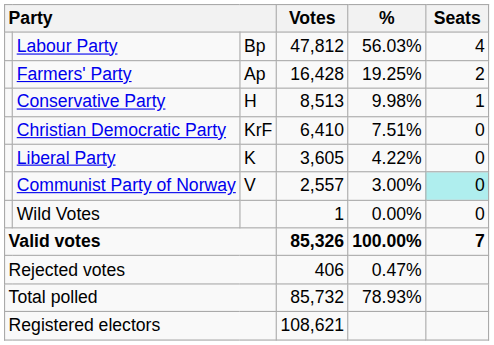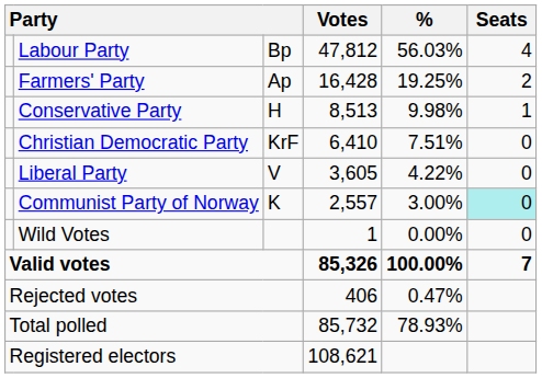 <table class="wikitable" border="1" style="text-align:right;">
 <tr>
 <th style="text-align:left;" colspan=3>Party</th>
 <th align=center width="50">Votes</th>
 <th align=center width="50">%</th>
 <th align=center width="50">Seats</th>
 </tr>
 <tr>
 <td style="color:inherit;background:"></td>
 <td align=left><a href='#'>Labour Party</a></td>
 <td align=left>Bp</td>
 <td>47,812</td>
 <td>56.03%</td>
 <td>4</td>
 </tr>
 <tr>
 <td style="color:inherit;background:"></td>
 <td align=left><a href='#'>Farmers' Party</a></td>
 <td align=left>Ap</td>
 <td>16,428</td>
 <td>19.25%</td>
 <td>2</td>
 </tr>
 <tr>
 <td style="color:inherit;background:"></td>
 <td align=left><a href='#'>Conservative Party</a></td>
 <td align=left>H</td>
 <td>8,513</td>
 <td>9.98%</td>
 <td>1</td>
 </tr>
 <tr>
 <td style="color:inherit;background:"></td>
 <td align=left><a href='#'>Christian Democratic Party</a></td>
 <td align=left>KrF</td>
 <td>6,410</td>
 <td>7.51%</td>
 <td>0</td>
 </tr>
 <tr>
 <td style="color:inherit;background:"></td>
 <td align=left><a href='#'>Liberal Party</a></td>
-<td align=left>K</td>
+<td align=left>V</td>
 <td>3,605</td>
 <td>4.22%</td>
 <td>0</td>
 </tr>
 <tr>
 <td style="color:inherit;background:"></td>
 <td align=left><a href='#'>Communist Party of Norway</a></td>
-<td align=left>V</td>
+<td align=left>K</td>
 <td>2,557</td>
 <td>3.00%</td>
 <td style="background: paleturquoise;">0</td>
 </tr>
 <tr>
 <td></td>
 <td align=left>Wild Votes</td>
 <td align=left></td>
 <td>1</td>
 <td>0.00%</td>
 <td>0</td>
 </tr>
 <tr style="font-weight:bold">
 <td align=left colspan=3>Valid votes</td>
 <td>85,326</td>
 <td>100.00%</td>
 <td>7</td>
 </tr>
 <tr>
 <td align=left colspan=3>Rejected votes</td>
 <td>406</td>
 <td>0.47%</td>
 <td></td>
 </tr>
 <tr>
 <td align=left colspan=3>Total polled</td>
 <td>85,732</td>
 <td>78.93%</td>
 <td></td>
 </tr>
 <tr>
 <td align=left colspan=3>Registered electors</td>
 <td>108,621</td>
 <td></td>
 <td></td>
 </tr>
 </table>
